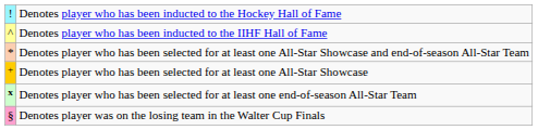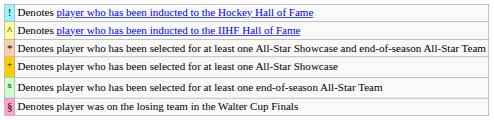 <table class="wikitable">
 <tr>
 <td bgcolor=#98f5ff align=center>!</td>
 <td>Denotes <a href='#'>player who has been inducted to the Hockey Hall of Fame</a></td>
 </tr>
 <tr>
 <td bgcolor=#FFFF99 align=center>^</td>
 <td>Denotes <a href='#'>player who has been inducted to the IIHF Hall of Fame</a></td>
 </tr>
 <tr>
 <td bgcolor=#FBCEB1 align=center>*</td>
 <td>Denotes player who has been selected for at least one All-Star Showcase and end-of-season All-Star Team</td>
 </tr>
 <tr>
 <td bgcolor=#FFCC00 align=center><sup>+</sup></td>
 <td>Denotes player who has been selected for at least one All-Star Showcase</td>
 </tr>
 <tr>
-<td bgcolor=#CCFFCC align=center><strong><sup>x</sup></strong></td>
+<td bgcolor=#CCFFCC align=center><sup>x</sup></td>
 <td>Denotes player who has been selected for at least one end-of-season All-Star Team</td>
 </tr>
 <tr>
 <td bgcolor=#FFBBBBalign=center>§</td>
 <td>Denotes player was on the losing team in the Walter Cup Finals</td>
 </tr>
 </table>
